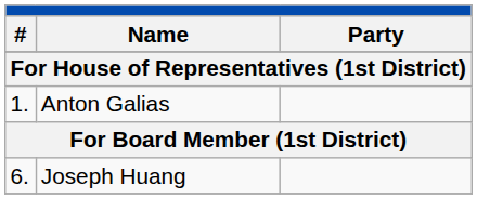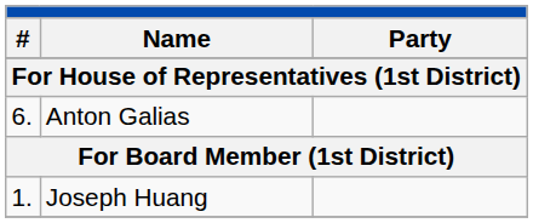 <table class="wikitable" style="font-size:90%">
 <tr>
 <td colspan="5" bgcolor="#024BAE"></td>
 </tr>
 <tr>
 <th>#</th>
 <th width=150px>Name</th>
 <th colspan=2 width=110px>Party</th>
 </tr>
 <tr>
 </tr>
 <tr>
 <th colspan=5>For House of Representatives (1st District)</th>
 </tr>
 <tr>
-<td>1.</td>
+<td>6.</td>
 <td>Anton Galias</td>
 <td></td>
 </tr>
 <tr>
 <th colspan="5">For Board Member (1st District)</th>
 </tr>
 <tr>
-<td>6.</td>
+<td>1.</td>
 <td>Joseph Huang</td>
 <td></td>
 </tr>
 <tr>
 </tr>
 </table>
